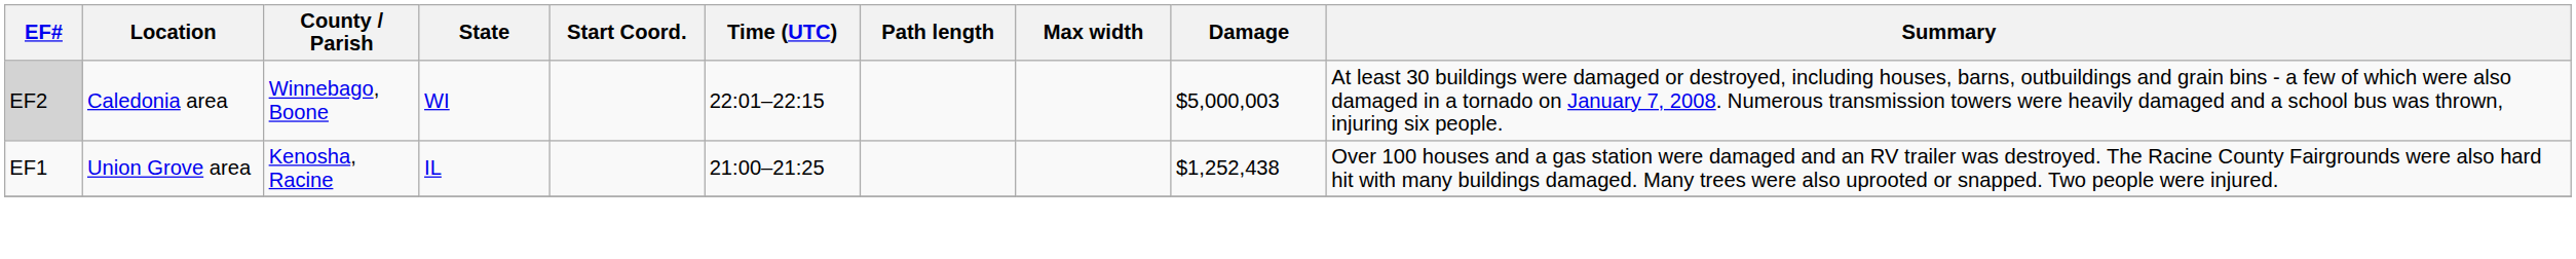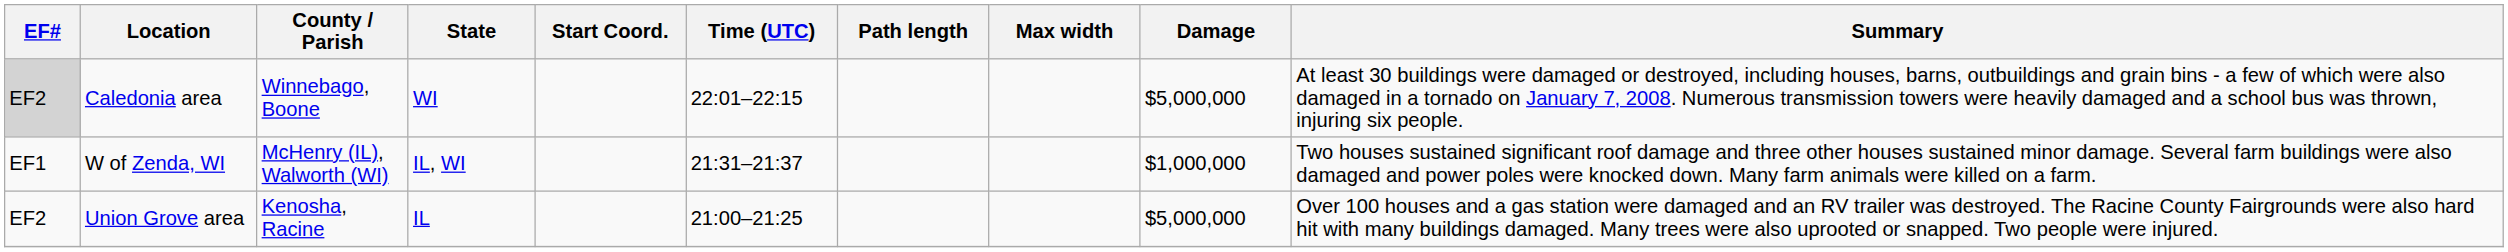 <table class="wikitable sortable" style="width:100%;">
 <tr>
 <th scope="col" width="3%" align="center"><a href='#'>EF#</a></th>
 <th scope="col" width="7%" align="center" class="unsortable">Location</th>
 <th scope="col" width="6%" align="center" class="unsortable">County / Parish</th>
 <th scope="col" width="5%" align="center">State</th>
 <th scope="col" width="6%" align="center">Start Coord.</th>
 <th scope="col" width="6%" align="center">Time (<a href='#'>UTC</a>)</th>
 <th scope="col" width="6%" align="center">Path length</th>
 <th scope="col" width="6%" align="center">Max width</th>
 <th scope="col" width="6%" align="center">Damage</th>
 <th scope="col" width="48%" class="unsortable" align="center">Summary</th>
 </tr>
 <tr>
 <td style="background: lightgrey;">EF2</td>
 <td><a href='#'>Caledonia</a> area</td>
 <td><a href='#'>Winnebago</a>, <a href='#'>Boone</a></td>
 <td><a href='#'>WI</a></td>
 <td></td>
 <td>22:01–22:15</td>
 <td></td>
 <td></td>
-<td>$5,000,003</td>
+<td>$5,000,000</td>
 <td>At least 30 buildings were damaged or destroyed, including houses, barns, outbuildings and grain bins - a few of which were also damaged in a tornado on <a href='#'>January 7, 2008</a>. Numerous transmission towers were heavily damaged and a school bus was thrown, injuring six people.</td>
 </tr>
 <tr>
 <td>EF1</td>
+<td>W of <a href='#'>Zenda, WI</a></td>
+<td><a href='#'>McHenry (IL)</a>, <a href='#'>Walworth (WI)</a></td>
+<td><a href='#'>IL</a>, <a href='#'>WI</a></td>
+<td></td>
+<td>21:31–21:37</td>
+<td></td>
+<td></td>
+<td>$1,000,000</td>
+<td>Two houses sustained significant roof damage and three other houses sustained minor damage. Several farm buildings were also damaged and power poles were knocked down. Many farm animals were killed on a farm.</td>
+</tr>
+<tr>
+<td>EF2</td>
 <td><a href='#'>Union Grove</a> area</td>
 <td><a href='#'>Kenosha</a>, <a href='#'>Racine</a></td>
 <td><a href='#'>IL</a></td>
 <td></td>
 <td>21:00–21:25</td>
 <td></td>
 <td></td>
-<td>$1,252,438</td>
+<td>$5,000,000</td>
 <td>Over 100 houses and a gas station were damaged and an RV trailer was destroyed. The Racine County Fairgrounds were also hard hit with many buildings damaged. Many trees were also uprooted or snapped. Two people were injured.</td>
 </tr>
 <tr>
 </tr>
 </table>
